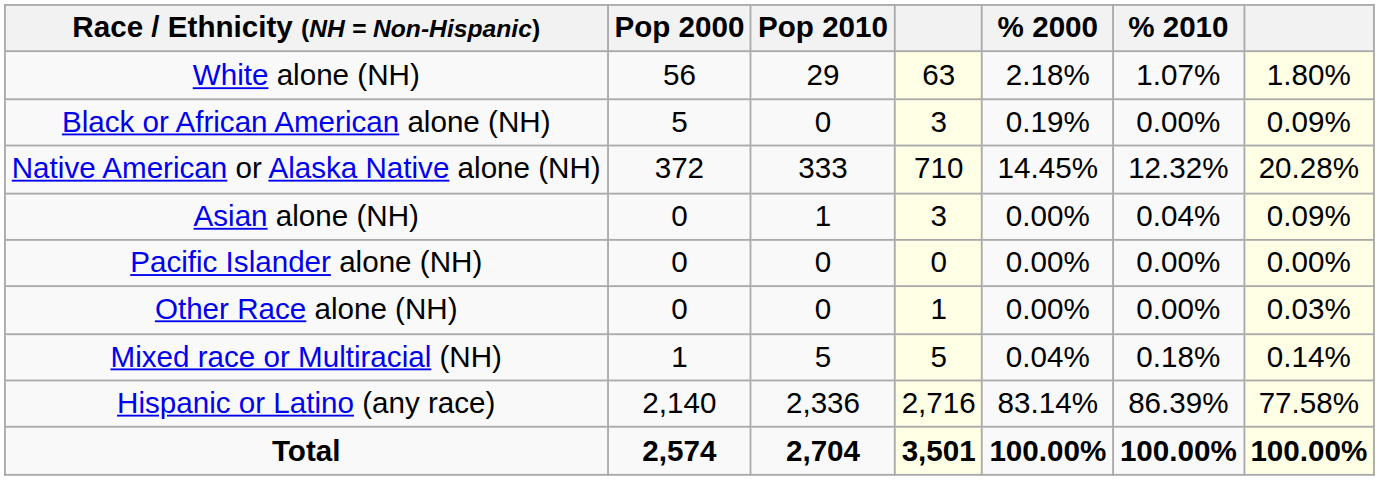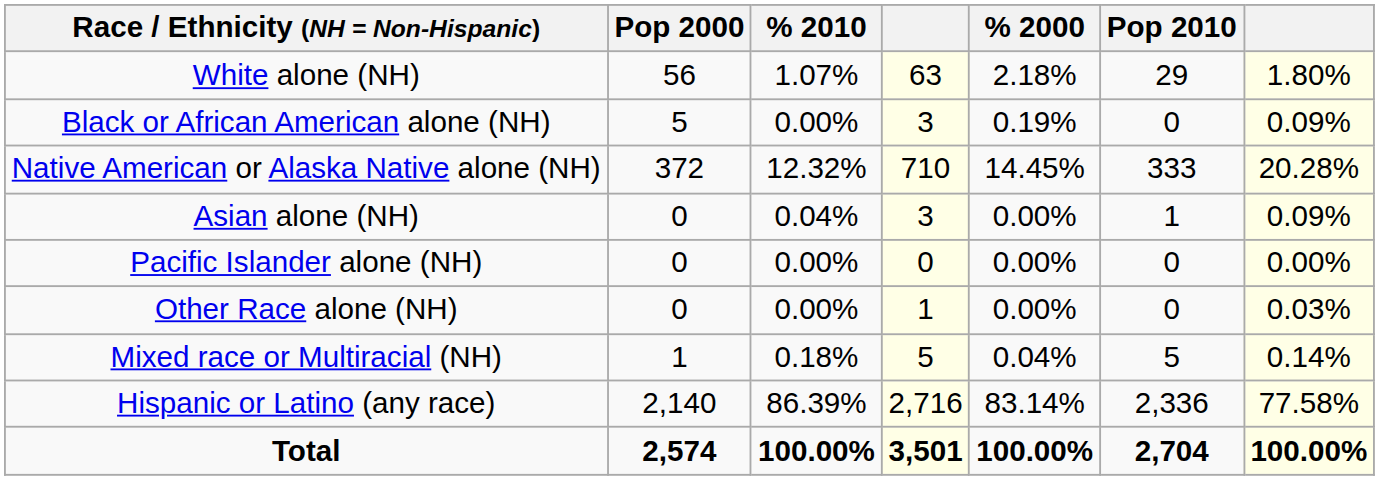 <table class="wikitable" style="text-align:center;">
 <tr>
 <th>Race / Ethnicity <small>(<em>NH = Non-Hispanic</em>)</small></th>
 <th>Pop 2000</th>
-<th>Pop 2010</th>
+<th>% 2010</th>
 <th></th>
 <th>% 2000</th>
-<th>% 2010</th>
+<th>Pop 2010</th>
 <th></th>
 </tr>
 <tr>
 <td><a href='#'>White</a> alone (NH)</td>
 <td>56</td>
-<td>29</td>
+<td>1.07%</td>
 <td style='background: #ffffe6;'>63</td>
 <td>2.18%</td>
-<td>1.07%</td>
+<td>29</td>
 <td style='background: #ffffe6;'>1.80%</td>
 </tr>
 <tr>
 <td><a href='#'>Black or African American</a> alone (NH)</td>
 <td>5</td>
-<td>0</td>
+<td>0.00%</td>
 <td style='background: #ffffe6;'>3</td>
 <td>0.19%</td>
-<td>0.00%</td>
+<td>0</td>
 <td style='background: #ffffe6;'>0.09%</td>
 </tr>
 <tr>
 <td><a href='#'>Native American</a> or <a href='#'>Alaska Native</a> alone (NH)</td>
 <td>372</td>
-<td>333</td>
+<td>12.32%</td>
 <td style='background: #ffffe6;'>710</td>
 <td>14.45%</td>
-<td>12.32%</td>
+<td>333</td>
 <td style='background: #ffffe6;'>20.28%</td>
 </tr>
 <tr>
 <td><a href='#'>Asian</a> alone (NH)</td>
 <td>0</td>
-<td>1</td>
+<td>0.04%</td>
 <td style='background: #ffffe6;'>3</td>
 <td>0.00%</td>
-<td>0.04%</td>
+<td>1</td>
 <td style='background: #ffffe6;'>0.09%</td>
 </tr>
 <tr>
 <td><a href='#'>Pacific Islander</a> alone (NH)</td>
 <td>0</td>
-<td>0</td>
+<td>0.00%</td>
 <td style='background: #ffffe6;'>0</td>
 <td>0.00%</td>
-<td>0.00%</td>
+<td>0</td>
 <td style='background: #ffffe6;'>0.00%</td>
 </tr>
 <tr>
 <td><a href='#'>Other Race</a> alone (NH)</td>
 <td>0</td>
-<td>0</td>
+<td>0.00%</td>
 <td style='background: #ffffe6;'>1</td>
 <td>0.00%</td>
-<td>0.00%</td>
+<td>0</td>
 <td style='background: #ffffe6;'>0.03%</td>
 </tr>
 <tr>
 <td><a href='#'>Mixed race or Multiracial</a> (NH)</td>
 <td>1</td>
-<td>5</td>
+<td>0.18%</td>
 <td style='background: #ffffe6;'>5</td>
 <td>0.04%</td>
-<td>0.18%</td>
+<td>5</td>
 <td style='background: #ffffe6;'>0.14%</td>
 </tr>
 <tr>
 <td><a href='#'>Hispanic or Latino</a> (any race)</td>
 <td>2,140</td>
-<td>2,336</td>
+<td>86.39%</td>
 <td style='background: #ffffe6;'>2,716</td>
 <td>83.14%</td>
-<td>86.39%</td>
+<td>2,336</td>
 <td style='background: #ffffe6;'>77.58%</td>
 </tr>
 <tr>
 <td><strong>Total</strong></td>
 <td><strong>2,574</strong></td>
-<td><strong>2,704</strong></td>
+<td><strong>100.00%</strong></td>
 <td style='background: #ffffe6;'><strong>3,501</strong></td>
 <td><strong>100.00%</strong></td>
-<td><strong>100.00%</strong></td>
+<td><strong>2,704</strong></td>
 <td style='background: #ffffe6;'><strong>100.00%</strong></td>
 </tr>
 </table>
